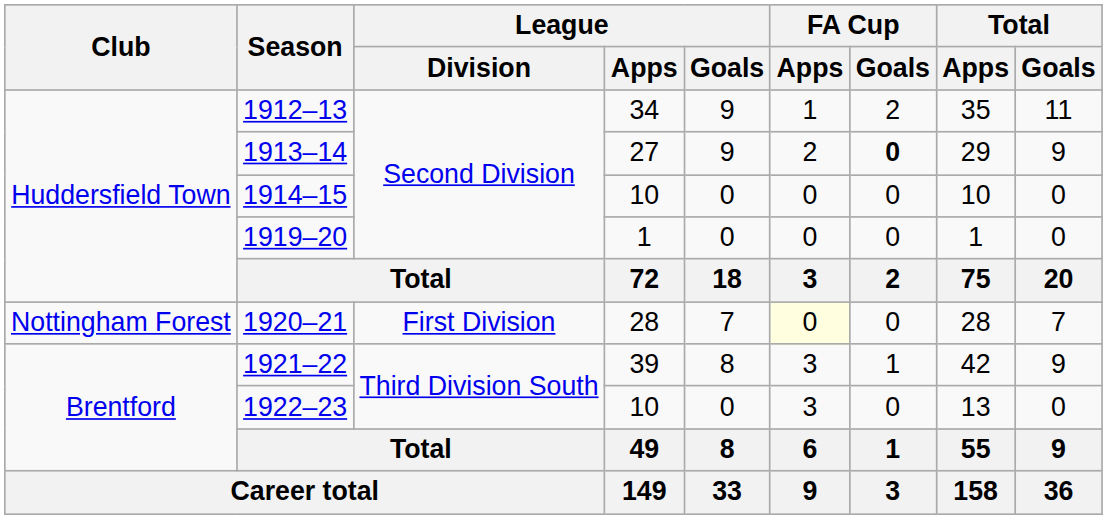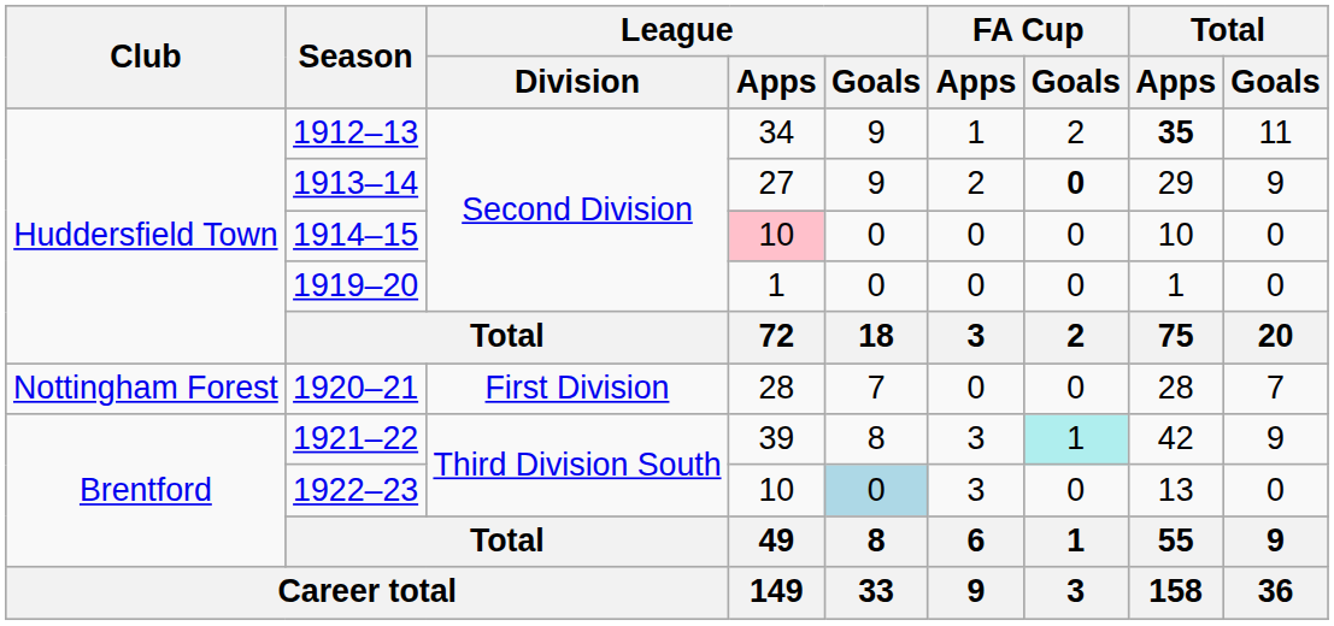 <table class="wikitable" style="text-align: center;">
 <tr>
 <th rowspan="2">Club</th>
 <th rowspan="2">Season</th>
 <th colspan="3">League</th>
 <th colspan="2">FA Cup</th>
 <th colspan="2">Total</th>
 </tr>
 <tr>
 <th>Division</th>
 <th>Apps</th>
 <th>Goals</th>
 <th>Apps</th>
 <th>Goals</th>
 <th>Apps</th>
 <th>Goals</th>
 </tr>
 <tr>
 <td rowspan="5"><a href='#'>Huddersfield Town</a></td>
 <td><a href='#'>1912–13</a></td>
 <td rowspan="4"><a href='#'>Second Division</a></td>
 <td>34</td>
 <td>9</td>
 <td>1</td>
 <td>2</td>
-<td>35</td>
+<td><strong>35</strong></td>
 <td>11</td>
 </tr>
 <tr>
 <td><a href='#'>1913–14</a></td>
 <td>27</td>
 <td>9</td>
 <td>2</td>
 <td><strong>0</strong></td>
 <td>29</td>
 <td>9</td>
 </tr>
 <tr>
 <td><a href='#'>1914–15</a></td>
-<td>10</td>
+<td style="background: pink;">10</td>
 <td>0</td>
 <td>0</td>
 <td>0</td>
 <td>10</td>
 <td>0</td>
 </tr>
 <tr>
 <td><a href='#'>1919–20</a></td>
 <td>1</td>
 <td>0</td>
 <td>0</td>
 <td>0</td>
 <td>1</td>
 <td>0</td>
 </tr>
 <tr>
 <th colspan="2">Total</th>
 <th>72</th>
 <th>18</th>
 <th>3</th>
 <th>2</th>
 <th>75</th>
 <th>20</th>
 </tr>
 <tr>
 <td><a href='#'>Nottingham Forest</a></td>
 <td><a href='#'>1920–21</a></td>
 <td><a href='#'>First Division</a></td>
 <td>28</td>
 <td>7</td>
-<td style="background: lightyellow;">0</td>
+<td>0</td>
 <td>0</td>
 <td>28</td>
 <td>7</td>
 </tr>
 <tr>
 <td rowspan="3"><a href='#'>Brentford</a></td>
 <td><a href='#'>1921–22</a></td>
 <td rowspan="2"><a href='#'>Third Division South</a></td>
 <td>39</td>
 <td>8</td>
 <td>3</td>
-<td>1</td>
+<td style="background: paleturquoise;">1</td>
 <td>42</td>
 <td>9</td>
 </tr>
 <tr>
 <td><a href='#'>1922–23</a></td>
 <td>10</td>
-<td>0</td>
+<td style="background: lightblue;">0</td>
 <td>3</td>
 <td>0</td>
 <td>13</td>
 <td>0</td>
 </tr>
 <tr>
 <th colspan="2">Total</th>
 <th>49</th>
 <th>8</th>
 <th>6</th>
 <th>1</th>
 <th>55</th>
 <th>9</th>
 </tr>
 <tr>
 <th colspan="3">Career total</th>
 <th>149</th>
 <th>33</th>
 <th>9</th>
 <th>3</th>
 <th>158</th>
 <th>36</th>
 </tr>
 </table>
